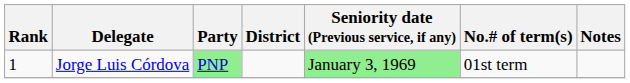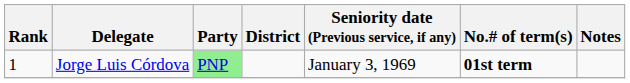 <table class="wikitable sortable">
 <tr valign=bottom>
 <th>Rank</th>
 <th>Delegate</th>
 <th>Party</th>
 <th>District</th>
 <th>Seniority date<br><small>(Previous service, if any)</small><br></th>
 <th>No.# of term(s)</th>
 <th>Notes</th>
 </tr>
 <tr>
 <td>1</td>
 <td><a href='#'>Jorge Luis Córdova</a></td>
 <td style="background: lightgreen;"><a href='#'>PNP</a></td>
 <td></td>
-<td style="background: lightgreen;">January 3, 1969</td>
-<td>01st term</td>
+<td>January 3, 1969</td>
+<td><strong>01st term</strong></td>
 <td></td>
 </tr>
 <tr>
 </tr>
 </table>
